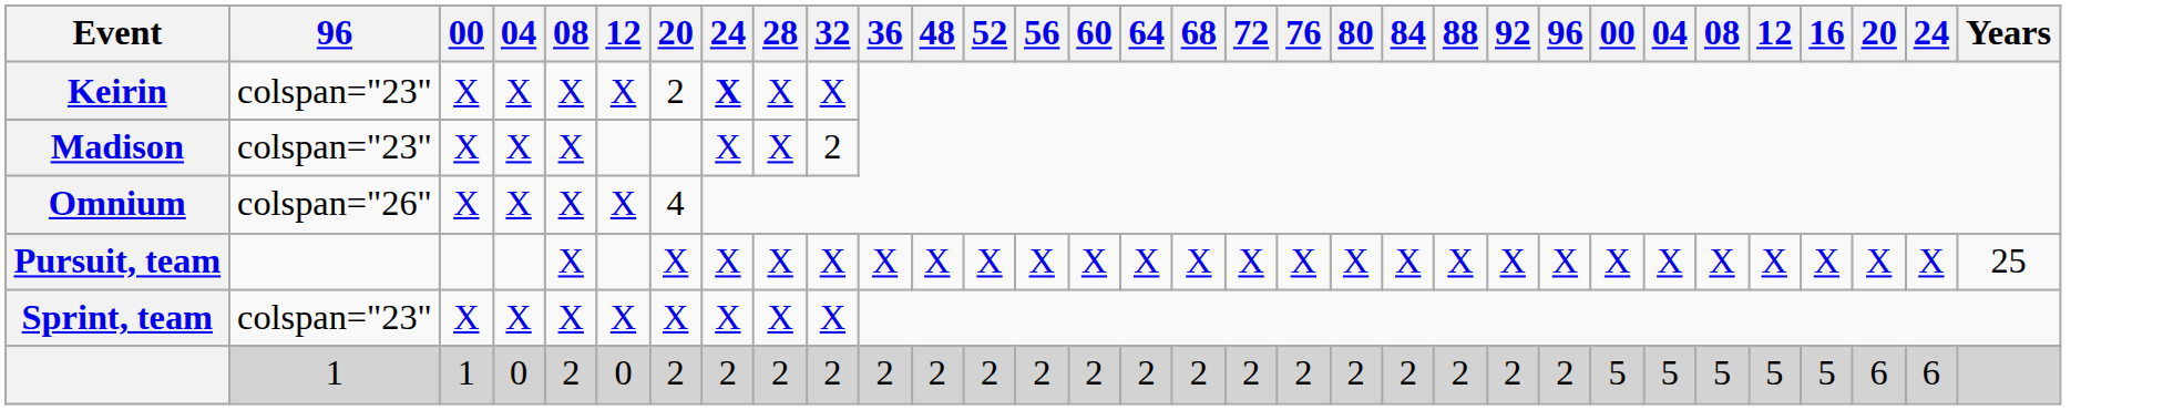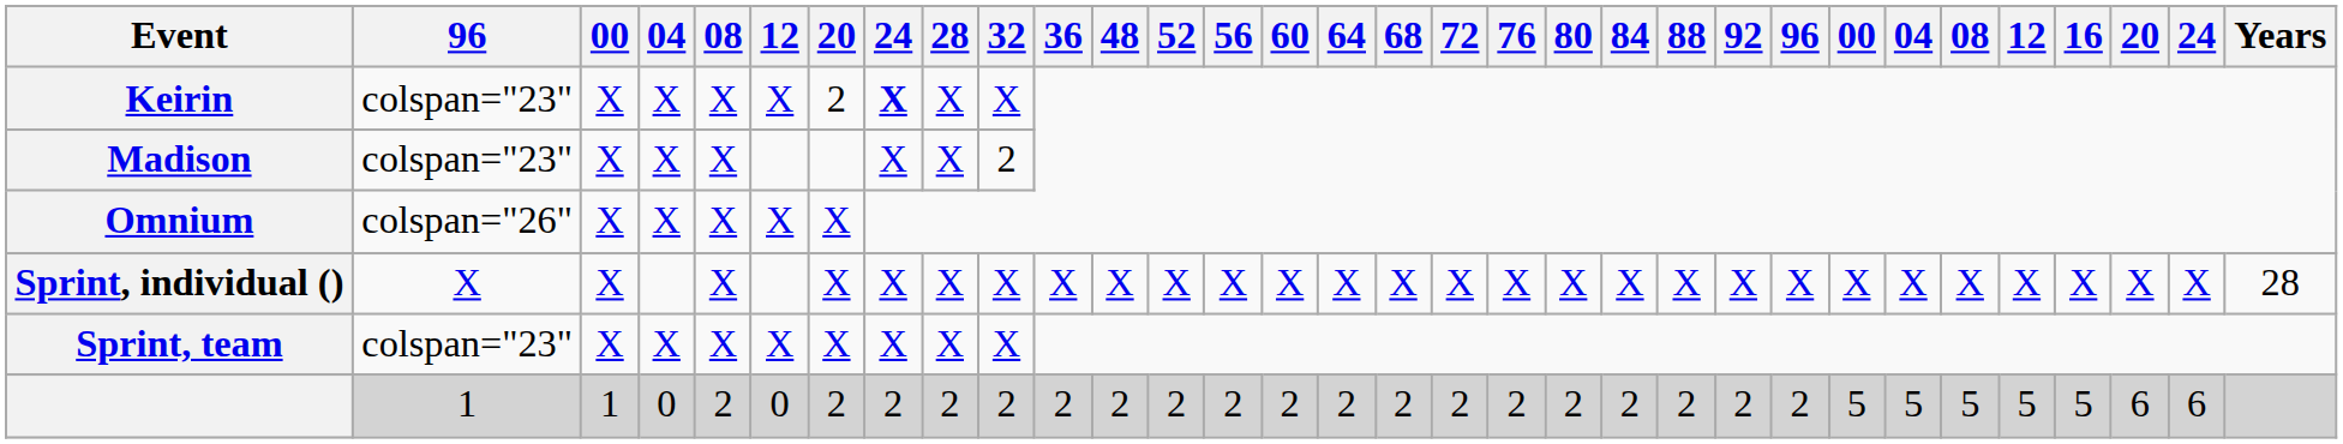 <table class="wikitable plainrowheaders sticky-header" style="text-align:center;">
 <tr>
 <th scope="col">Event</th>
 <th scope="col"><a href='#'>96</a></th>
 <th scope="col"><a href='#'>00</a></th>
 <th scope="col"><a href='#'>04</a></th>
 <th scope="col"><a href='#'>08</a></th>
 <th scope="col"><a href='#'>12</a></th>
 <th scope="col"><a href='#'>20</a></th>
 <th scope="col"><a href='#'>24</a></th>
 <th scope="col"><a href='#'>28</a></th>
 <th scope="col"><a href='#'>32</a></th>
 <th scope="col"><a href='#'>36</a></th>
 <th scope="col"><a href='#'>48</a></th>
 <th scope="col"><a href='#'>52</a></th>
 <th scope="col"><a href='#'>56</a></th>
 <th scope="col"><a href='#'>60</a></th>
 <th scope="col"><a href='#'>64</a></th>
 <th scope="col"><a href='#'>68</a></th>
 <th scope="col"><a href='#'>72</a></th>
 <th scope="col"><a href='#'>76</a></th>
 <th scope="col"><a href='#'>80</a></th>
 <th scope="col"><a href='#'>84</a></th>
 <th scope="col"><a href='#'>88</a></th>
 <th scope="col"><a href='#'>92</a></th>
 <th scope="col"><a href='#'>96</a></th>
 <th scope="col"><a href='#'>00</a></th>
 <th scope="col"><a href='#'>04</a></th>
 <th scope="col"><a href='#'>08</a></th>
 <th scope="col"><a href='#'>12</a></th>
 <th scope="col"><a href='#'>16</a></th>
 <th scope="col"><a href='#'>20</a></th>
 <th scope="col"><a href='#'>24</a></th>
 <th scope="col">Years</th>
 </tr>
 <tr>
 <th scope="row"><a href='#'>Keirin</a></th>
 <td>colspan="23"</td>
 <td><a href='#'>X</a></td>
 <td><a href='#'>X</a></td>
 <td><a href='#'>X</a></td>
 <td><a href='#'>X</a></td>
 <td>2</td>
 <td><strong><a href='#'>X</a></strong></td>
 <td><a href='#'>X</a></td>
 <td><a href='#'>X</a></td>
 </tr>
 <tr>
 <th scope="row"><a href='#'>Madison</a></th>
 <td>colspan="23"</td>
 <td><a href='#'>X</a></td>
 <td><a href='#'>X</a></td>
 <td><a href='#'>X</a></td>
 <td></td>
 <td></td>
 <td><a href='#'>X</a></td>
 <td><a href='#'>X</a></td>
 <td>2</td>
 </tr>
 <tr>
 <th scope="row"><a href='#'>Omnium</a></th>
 <td>colspan="26"</td>
 <td><a href='#'>X</a></td>
 <td><a href='#'>X</a></td>
 <td><a href='#'>X</a></td>
 <td><a href='#'>X</a></td>
-<td>4</td>
+<td><a href='#'>X</a></td>
 </tr>
 <tr>
-<th scope="row"><a href='#'>Pursuit, team</a></th>
-<td></td>
-<td></td>
+<th scope="row"><a href='#'>Sprint</a>, individual ()</th>
+<td><a href='#'>X</a></td>
+<td><a href='#'>X</a></td>
 <td></td>
 <td><a href='#'>X</a></td>
 <td></td>
 <td><a href='#'>X</a></td>
 <td><a href='#'>X</a></td>
 <td><a href='#'>X</a></td>
 <td><a href='#'>X</a></td>
 <td><a href='#'>X</a></td>
 <td><a href='#'>X</a></td>
 <td><a href='#'>X</a></td>
 <td><a href='#'>X</a></td>
 <td><a href='#'>X</a></td>
 <td><a href='#'>X</a></td>
 <td><a href='#'>X</a></td>
 <td><a href='#'>X</a></td>
 <td><a href='#'>X</a></td>
 <td><a href='#'>X</a></td>
 <td><a href='#'>X</a></td>
 <td><a href='#'>X</a></td>
 <td><a href='#'>X</a></td>
 <td><a href='#'>X</a></td>
 <td><a href='#'>X</a></td>
 <td><a href='#'>X</a></td>
 <td><a href='#'>X</a></td>
 <td><a href='#'>X</a></td>
 <td><a href='#'>X</a></td>
 <td><a href='#'>X</a></td>
 <td><a href='#'>X</a></td>
-<td>25</td>
+<td>28</td>
 </tr>
 <tr>
 <th scope="row"><a href='#'>Sprint, team</a></th>
 <td>colspan="23"</td>
 <td><a href='#'>X</a></td>
 <td><a href='#'>X</a></td>
 <td><a href='#'>X</a></td>
 <td><a href='#'>X</a></td>
 <td><a href='#'>X</a></td>
 <td><a href='#'>X</a></td>
 <td><a href='#'>X</a></td>
 <td><a href='#'>X</a></td>
 </tr>
 <tr style="background:lightgray;">
 <th scope="row"><strong></strong></th>
 <td>1</td>
 <td>1</td>
 <td>0</td>
 <td>2</td>
 <td>0</td>
 <td>2</td>
 <td>2</td>
 <td>2</td>
 <td>2</td>
 <td>2</td>
 <td>2</td>
 <td>2</td>
 <td>2</td>
 <td>2</td>
 <td>2</td>
 <td>2</td>
 <td>2</td>
 <td>2</td>
 <td>2</td>
 <td>2</td>
 <td>2</td>
 <td>2</td>
 <td>2</td>
 <td>5</td>
 <td>5</td>
 <td>5</td>
 <td>5</td>
 <td>5</td>
 <td>6</td>
 <td>6</td>
 <td></td>
 </tr>
 </table>
